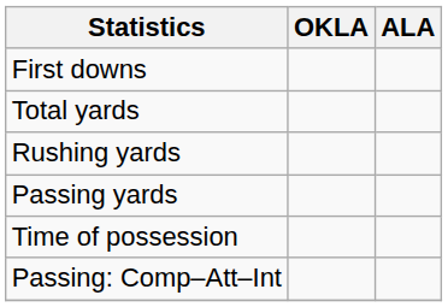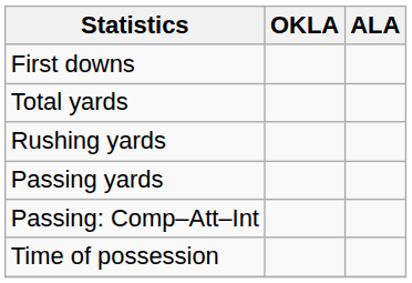 <table class="wikitable" style="float: left;">
 <tr>
 <th>Statistics</th>
 <th>OKLA</th>
 <th>ALA</th>
 </tr>
 <tr>
 <td>First downs</td>
 <td></td>
 <td></td>
 </tr>
 <tr>
 <td>Total yards</td>
 <td></td>
 <td></td>
 </tr>
 <tr>
 <td>Rushing yards</td>
 <td></td>
 <td></td>
 </tr>
 <tr>
 <td>Passing yards</td>
 <td></td>
 <td></td>
 </tr>
 <tr>
-<td>Time of possession</td>
+<td>Passing: Comp–Att–Int</td>
 <td></td>
 <td></td>
 </tr>
 <tr>
-<td>Passing: Comp–Att–Int</td>
+<td>Time of possession</td>
 <td></td>
 <td></td>
 </tr>
 <tr>
 </tr>
 </table>
